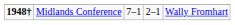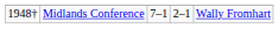 <table class="wikitable">
 <tr>
 </tr>
 <tr>
-<td><strong>1948†</strong></td>
+<td>1948†</td>
 <td><a href='#'>Midlands Conference</a></td>
 <td>7–1</td>
 <td>2–1</td>
 <td><a href='#'>Wally Fromhart</a></td>
 </tr>
 </table>
